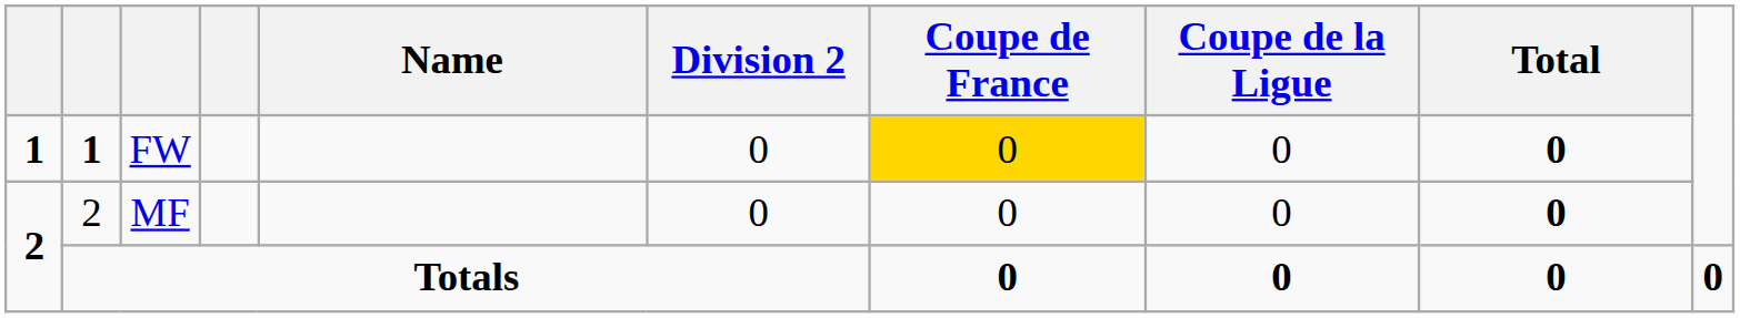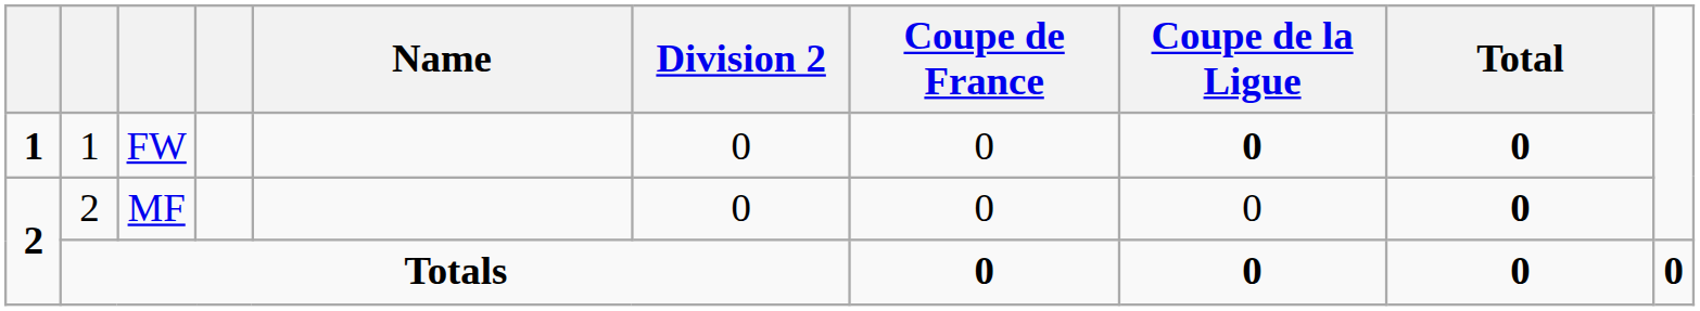 <table class="wikitable" style="text-align:center">
 <tr>
 <th width=15></th>
 <th width=15></th>
 <th width=15></th>
 <th width=15></th>
 <th width=145>Name</th>
 <th width=80><a href='#'>Division 2</a></th>
 <th width=100><a href='#'>Coupe de France</a></th>
 <th width=100><a href='#'>Coupe de la Ligue</a></th>
 <th width=100>Total</th>
 </tr>
 <tr>
 <td><strong>1</strong></td>
-<td><strong>1</strong></td>
+<td>1</td>
 <td><a href='#'>FW</a></td>
 <td></td>
 <td align=left><a href='#'></a></td>
 <td>0</td>
-<td style="background: gold;">0</td>
 <td>0</td>
+<td><strong>0</strong></td>
 <td><strong>0</strong></td>
 </tr>
 <tr>
 <td rowspan=2><strong>2</strong></td>
 <td>2</td>
 <td><a href='#'>MF</a></td>
 <td></td>
 <td align=left><a href='#'></a></td>
 <td>0</td>
 <td>0</td>
 <td>0</td>
 <td><strong>0</strong></td>
 </tr>
 <tr>
 <td colspan=5><strong>Totals</strong></td>
 <td><strong>0</strong></td>
 <td><strong>0</strong></td>
 <td><strong>0</strong></td>
 <td><strong>0</strong></td>
 </tr>
 </table>
